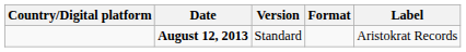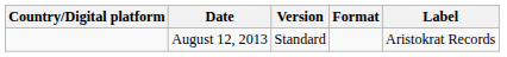 <table class="wikitable">
 <tr>
 <th>Country/Digital platform</th>
 <th>Date</th>
 <th>Version</th>
 <th>Format</th>
 <th>Label</th>
 </tr>
 <tr>
 <td></td>
-<td><strong>August 12, 2013</strong></td>
+<td>August 12, 2013</td>
 <td rowspan="2">Standard</td>
 <td></td>
 <td rowspan="2">Aristokrat Records</td>
 </tr>
 </table>
